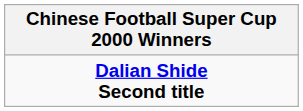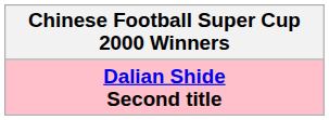 <table class="wikitable" style="text-align: center; margin: 0 auto; width: 20%">
 <tr>
 <th>Chinese Football Super Cup <br>2000 Winners</th>
 </tr>
 <tr>
-<td><strong><a href='#'>Dalian Shide</a></strong><br><strong>Second title</strong></td>
+<td style="background: pink;"><strong><a href='#'>Dalian Shide</a></strong><br><strong>Second title</strong></td>
 </tr>
 </table>
